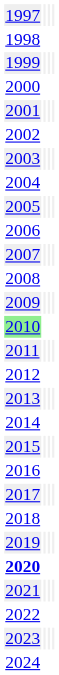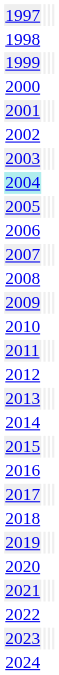 <table>
 <tr bgcolor="#EFEFEF">
 <td><a href='#'>1997</a></td>
 <td></td>
 <td></td>
 <td></td>
 </tr>
 <tr>
 <td><a href='#'>1998</a></td>
 <td></td>
 <td></td>
 <td></td>
 </tr>
 <tr bgcolor="#EFEFEF">
 <td><a href='#'>1999</a></td>
 <td></td>
 <td></td>
 <td></td>
 </tr>
 <tr>
 <td><a href='#'>2000</a></td>
 <td></td>
 <td></td>
 <td></td>
 </tr>
 <tr bgcolor="#EFEFEF">
 <td><a href='#'>2001</a></td>
 <td></td>
 <td></td>
 <td></td>
 </tr>
 <tr>
 <td><a href='#'>2002</a></td>
 <td></td>
 <td></td>
 <td></td>
 </tr>
 <tr bgcolor="#EFEFEF">
 <td><a href='#'>2003</a></td>
 <td></td>
 <td></td>
 <td></td>
 </tr>
 <tr>
-<td><a href='#'>2004</a></td>
+<td style="background: paleturquoise;"><a href='#'>2004</a></td>
 <td></td>
 <td></td>
 <td></td>
 </tr>
 <tr bgcolor="#EFEFEF">
 <td><a href='#'>2005</a></td>
 <td></td>
 <td></td>
 <td></td>
 </tr>
 <tr>
 <td><a href='#'>2006</a></td>
 <td></td>
 <td></td>
 <td></td>
 </tr>
 <tr bgcolor="#EFEFEF">
 <td><a href='#'>2007</a></td>
 <td></td>
 <td></td>
 <td></td>
 </tr>
 <tr>
 <td><a href='#'>2008</a></td>
 <td></td>
 <td></td>
 <td></td>
 </tr>
 <tr bgcolor="#EFEFEF">
 <td><a href='#'>2009</a></td>
 <td></td>
 <td></td>
 <td></td>
 </tr>
 <tr>
-<td style="background: lightgreen;"><a href='#'>2010</a></td>
+<td><a href='#'>2010</a></td>
 <td></td>
 <td></td>
 <td></td>
 </tr>
 <tr bgcolor="#EFEFEF">
 <td><a href='#'>2011</a></td>
 <td></td>
 <td></td>
 <td></td>
 </tr>
 <tr>
 <td><a href='#'>2012</a></td>
 <td></td>
 <td></td>
 <td></td>
 </tr>
 <tr bgcolor="#EFEFEF">
 <td><a href='#'>2013</a></td>
 <td></td>
 <td></td>
 <td></td>
 </tr>
 <tr>
 <td><a href='#'>2014</a></td>
 <td></td>
 <td></td>
 <td></td>
 </tr>
 <tr bgcolor="#EFEFEF">
 <td><a href='#'>2015</a></td>
 <td></td>
 <td></td>
 <td></td>
 </tr>
 <tr>
 <td><a href='#'>2016</a></td>
 <td></td>
 <td></td>
 <td></td>
 </tr>
 <tr bgcolor="#EFEFEF">
 <td><a href='#'>2017</a></td>
 <td></td>
 <td></td>
 <td></td>
 </tr>
 <tr>
 <td><a href='#'>2018</a></td>
 <td></td>
 <td></td>
 <td></td>
 </tr>
 <tr bgcolor="#EFEFEF">
 <td><a href='#'>2019</a></td>
 <td></td>
 <td></td>
 <td></td>
 </tr>
 <tr>
-<td><strong><a href='#'>2020</a></strong></td>
+<td><a href='#'>2020</a></td>
 <td></td>
 <td></td>
 <td></td>
 </tr>
 <tr bgcolor="#EFEFEF">
 <td><a href='#'>2021</a></td>
 <td></td>
 <td></td>
 <td></td>
 </tr>
 <tr>
 <td><a href='#'>2022</a></td>
 <td></td>
 <td></td>
 <td></td>
 </tr>
 <tr bgcolor="#EFEFEF">
 <td><a href='#'>2023</a></td>
 <td></td>
 <td></td>
 <td></td>
 </tr>
 <tr>
 <td><a href='#'>2024</a></td>
 <td></td>
 <td></td>
 <td></td>
 </tr>
 </table>
